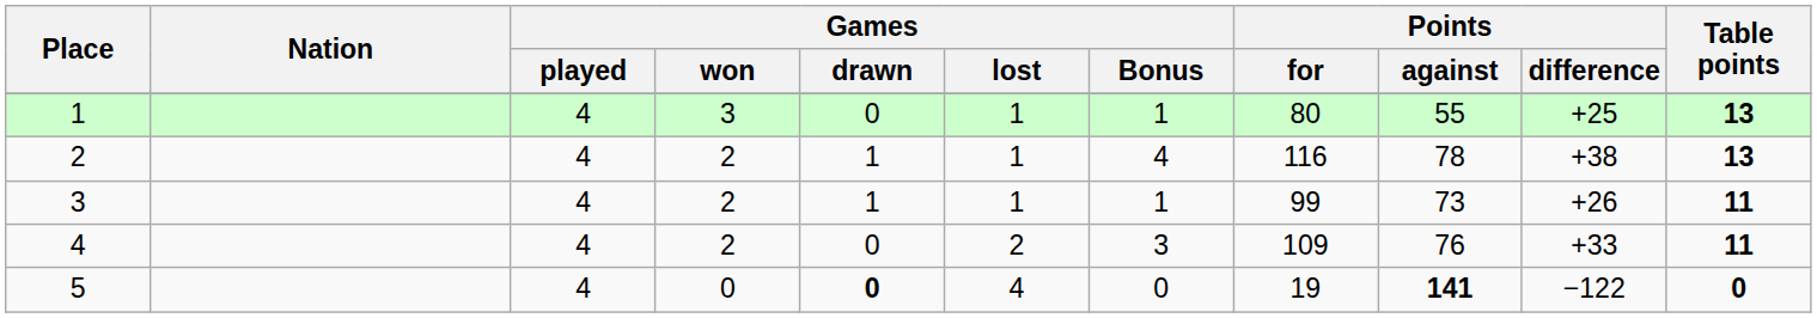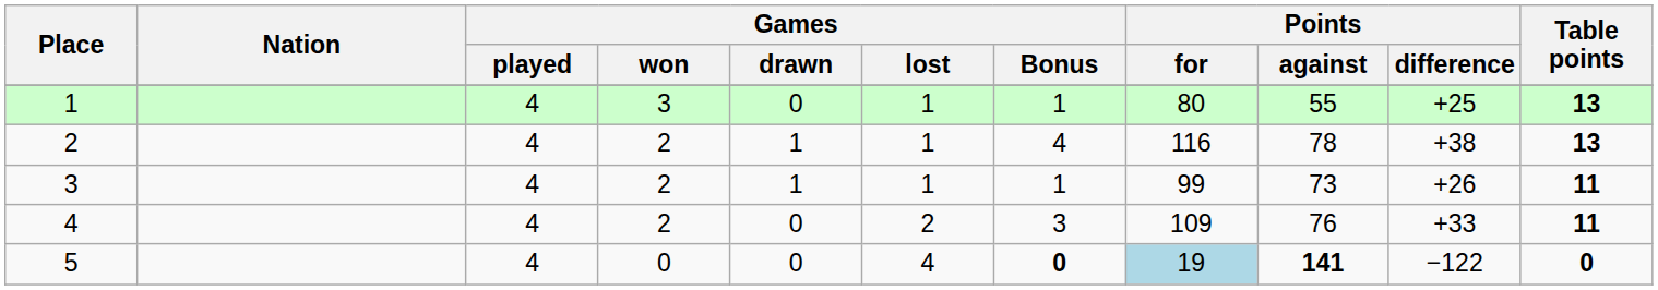 <table class="wikitable">
 <tr>
 <th rowspan=2 width="8%">Place</th>
 <th rowspan=2 width="20%">Nation</th>
 <th colspan=5 width="40%">Games</th>
 <th colspan=3 width="24%">Points</th>
 <th rowspan=2 width="10%">Table<br>points</th>
 </tr>
 <tr>
 <th width="8%">played</th>
 <th width="8%">won</th>
 <th width="8%">drawn</th>
 <th width="8%">lost</th>
 <th width="8%">Bonus</th>
 <th width="8%">for</th>
 <th width="8%">against</th>
 <th width="8%">difference</th>
 </tr>
 <tr>
 </tr>
 <tr align=center bgcolor="#ccffcc">
 <td>1</td>
 <td align=left></td>
 <td>4</td>
 <td>3</td>
 <td>0</td>
 <td>1</td>
 <td>1</td>
 <td>80</td>
 <td>55</td>
 <td>+25</td>
 <td><strong>13</strong></td>
 </tr>
 <tr align=center>
 <td>2</td>
 <td align=left></td>
 <td>4</td>
 <td>2</td>
 <td>1</td>
 <td>1</td>
 <td>4</td>
 <td>116</td>
 <td>78</td>
 <td>+38</td>
 <td><strong>13</strong></td>
 </tr>
 <tr align=center>
 <td>3</td>
 <td align=left></td>
 <td>4</td>
 <td>2</td>
 <td>1</td>
 <td>1</td>
 <td>1</td>
 <td>99</td>
 <td>73</td>
 <td>+26</td>
 <td><strong>11</strong></td>
 </tr>
 <tr align=center>
 <td>4</td>
 <td align=left></td>
 <td>4</td>
 <td>2</td>
 <td>0</td>
 <td>2</td>
 <td>3</td>
 <td>109</td>
 <td>76</td>
 <td>+33</td>
 <td><strong>11</strong></td>
 </tr>
 <tr align=center>
 <td>5</td>
 <td align=left></td>
 <td>4</td>
 <td>0</td>
+<td>0</td>
+<td>4</td>
 <td><strong>0</strong></td>
-<td>4</td>
-<td>0</td>
-<td>19</td>
+<td style="background: lightblue;">19</td>
 <td><strong>141</strong></td>
 <td>−122</td>
 <td><strong>0</strong></td>
 </tr>
 </table>
